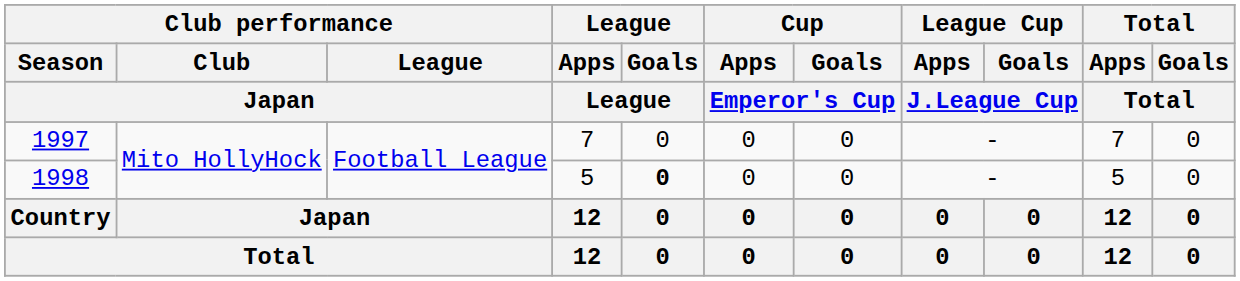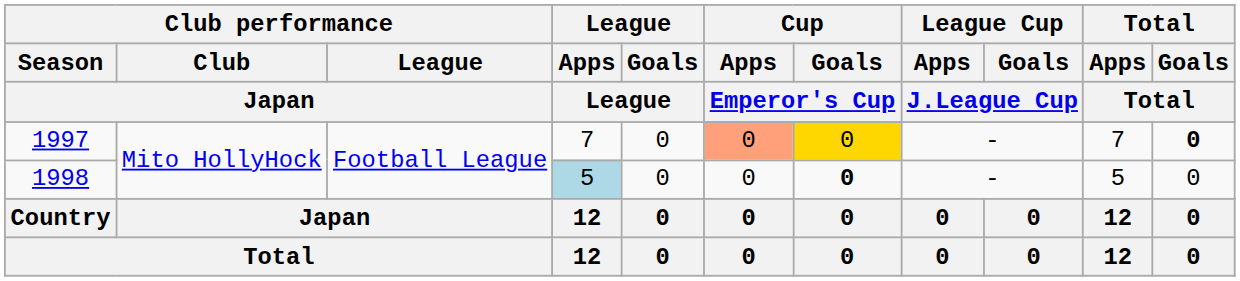 <table class="wikitable" style="text-align:center;">
 <tr>
 <th colspan=3>Club performance</th>
 <th colspan=2>League</th>
 <th colspan=2>Cup</th>
 <th colspan=2>League Cup</th>
 <th colspan=2>Total</th>
 </tr>
 <tr>
 <th>Season</th>
 <th>Club</th>
 <th>League</th>
 <th>Apps</th>
 <th>Goals</th>
 <th>Apps</th>
 <th>Goals</th>
 <th>Apps</th>
 <th>Goals</th>
 <th>Apps</th>
 <th>Goals</th>
 </tr>
 <tr>
 <th colspan=3>Japan</th>
 <th colspan=2>League</th>
 <th colspan=2><a href='#'>Emperor's Cup</a></th>
 <th colspan=2><a href='#'>J.League Cup</a></th>
 <th colspan=2>Total</th>
 </tr>
 <tr>
 <td><a href='#'>1997</a></td>
 <td rowspan="2"><a href='#'>Mito HollyHock</a></td>
 <td rowspan="2"><a href='#'>Football League</a></td>
 <td>7</td>
 <td>0</td>
-<td>0</td>
-<td>0</td>
+<td style="background: lightsalmon;">0</td>
+<td style="background: gold;">0</td>
 <td colspan="2">-</td>
 <td>7</td>
-<td>0</td>
+<td><strong>0</strong></td>
 </tr>
 <tr>
 <td><a href='#'>1998</a></td>
-<td>5</td>
-<td><strong>0</strong></td>
+<td style="background: lightblue;">5</td>
 <td>0</td>
 <td>0</td>
+<td><strong>0</strong></td>
 <td colspan="2">-</td>
 <td>5</td>
 <td>0</td>
 </tr>
 <tr>
 <th rowspan=1>Country</th>
 <th colspan=2>Japan</th>
 <th>12</th>
 <th>0</th>
 <th>0</th>
 <th>0</th>
 <th>0</th>
 <th>0</th>
 <th>12</th>
 <th>0</th>
 </tr>
 <tr>
 <th colspan=3>Total</th>
 <th>12</th>
 <th>0</th>
 <th>0</th>
 <th>0</th>
 <th>0</th>
 <th>0</th>
 <th>12</th>
 <th>0</th>
 </tr>
 </table>
